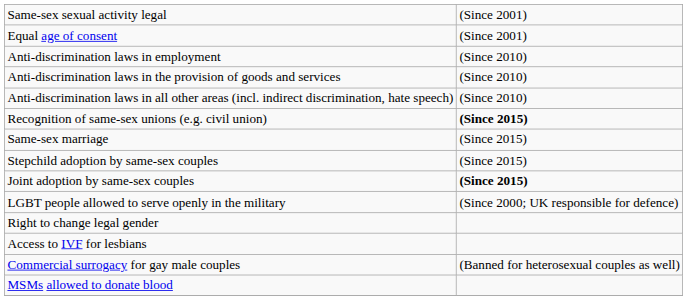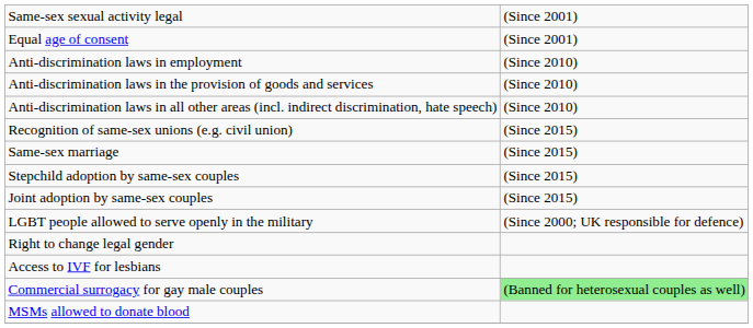 <table class="wikitable">
 <tr>
 <td>Same-sex sexual activity legal</td>
 <td> (Since 2001)</td>
 </tr>
 <tr>
 <td>Equal <a href='#'>age of consent</a></td>
 <td> (Since 2001)</td>
 </tr>
 <tr>
 <td>Anti-discrimination laws in employment</td>
 <td> (Since 2010)</td>
 </tr>
 <tr>
 <td>Anti-discrimination laws in the provision of goods and services</td>
 <td> (Since 2010)</td>
 </tr>
 <tr>
 <td>Anti-discrimination laws in all other areas (incl. indirect discrimination, hate speech)</td>
 <td> (Since 2010)</td>
 </tr>
 <tr>
 <td>Recognition of same-sex unions (e.g. civil union)</td>
-<td><strong> (Since 2015)</strong></td>
+<td> (Since 2015)</td>
 </tr>
 <tr>
 <td>Same-sex marriage</td>
 <td> (Since 2015)</td>
 </tr>
 <tr>
 <td>Stepchild adoption by same-sex couples</td>
 <td> (Since 2015)</td>
 </tr>
 <tr>
 <td>Joint adoption by same-sex couples</td>
-<td><strong> (Since 2015)</strong></td>
+<td> (Since 2015)</td>
 </tr>
 <tr>
 <td>LGBT people allowed to serve openly in the military</td>
 <td> (Since 2000; UK responsible for defence)</td>
 </tr>
 <tr>
 <td>Right to change legal gender</td>
 <td></td>
 </tr>
 <tr>
 <td>Access to <a href='#'>IVF</a> for lesbians</td>
 <td></td>
 </tr>
 <tr>
 <td><a href='#'>Commercial surrogacy</a> for gay male couples</td>
-<td> (Banned for heterosexual couples as well)</td>
+<td style="background: lightgreen;"> (Banned for heterosexual couples as well)</td>
 </tr>
 <tr>
 <td><a href='#'>MSMs</a> <a href='#'>allowed to donate blood</a></td>
 <td></td>
 </tr>
 <tr>
 </tr>
 </table>
